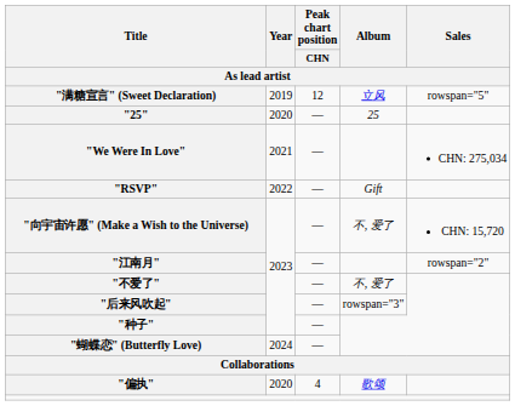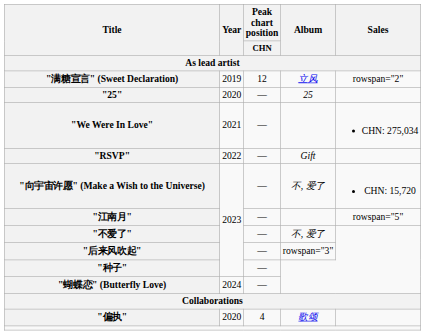 <table class="wikitable plainrowheaders" style="text-align:center;">
 <tr>
 <th rowspan="2" scope="col" style="width:22em;">Title</th>
 <th rowspan="2" scope="col">Year</th>
 <th>Peak chart position</th>
 <th rowspan="2" scope="col">Album</th>
 <th rowspan="2">Sales</th>
 </tr>
 <tr>
 <th scope="col" style="width:3em;font-size:90%;">CHN<br></th>
 </tr>
 <tr>
 <th colspan="5">As lead artist</th>
 </tr>
 <tr>
 <th scope="row">"满糖宣言" (Sweet Declaration)</th>
 <td>2019</td>
 <td>12</td>
 <td><em><a href='#'>立风</a></em></td>
-<td>rowspan="5" </td>
+<td>rowspan="2" </td>
 </tr>
 <tr>
 <th scope="row">"25"</th>
 <td>2020</td>
 <td>—</td>
 <td><em>25</em></td>
 </tr>
 <tr>
 <th scope="row">"We Were In Love"</th>
 <td>2021</td>
 <td —>—</td>
 <td></td>
 <td><br><ul><li>CHN: 275,034</li></ul></td>
 </tr>
 <tr>
 <th scope="row">"RSVP"</th>
 <td>2022</td>
 <td>—</td>
 <td><em>Gift</em></td>
 <td></td>
 </tr>
 <tr>
 <th scope="row">"向宇宙许愿" (Make a Wish to the Universe)</th>
 <td rowspan="5">2023</td>
 <td>—</td>
 <td><em>不, 爱了</em></td>
 <td><br><ul><li>CHN: 15,720</li></ul></td>
 </tr>
 <tr>
 <th scope="row">"江南月"</th>
 <td>—</td>
 <td></td>
-<td>rowspan="2" </td>
+<td>rowspan="5" </td>
 </tr>
 <tr>
 <th scope="row">"不爱了"</th>
 <td>—</td>
 <td><em>不, 爱了</em></td>
 </tr>
 <tr>
 <th scope="row">"后来风吹起"</th>
 <td>—</td>
 <td>rowspan="3" </td>
 </tr>
 <tr>
 <th scope="row">"种子"</th>
 <td>—</td>
 </tr>
 <tr>
 <th scope="row">"蝴蝶恋" (Butterfly Love)</th>
 <td>2024</td>
 <td>—</td>
 </tr>
 <tr>
 <th colspan="5">Collaborations</th>
 </tr>
 <tr>
 <th scope="row">"偏执"<br></th>
 <td>2020</td>
 <td>4</td>
 <td><em><a href='#'>歌颂</a></em></td>
 <td></td>
 </tr>
 <tr>
 <td colspan="5"></td>
 </tr>
 </table>
